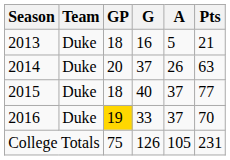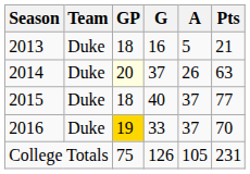 <table class="wikitable">
 <tr>
 <th>Season</th>
 <th>Team</th>
 <th>GP</th>
 <th>G</th>
 <th>A</th>
 <th>Pts</th>
 </tr>
 <tr>
 <td>2013</td>
 <td>Duke</td>
 <td>18</td>
 <td>16</td>
 <td>5</td>
 <td>21</td>
 </tr>
 <tr>
 <td>2014</td>
 <td>Duke</td>
-<td>20</td>
+<td style="background: lightyellow;">20</td>
 <td>37</td>
 <td>26</td>
 <td>63</td>
 </tr>
 <tr>
 <td>2015</td>
 <td>Duke</td>
 <td>18</td>
 <td>40</td>
 <td>37</td>
 <td>77</td>
 </tr>
 <tr>
 <td>2016</td>
 <td>Duke</td>
 <td style="background: gold;">19</td>
 <td>33</td>
 <td>37</td>
 <td>70</td>
 </tr>
 <tr>
 <td colspan="2">College Totals</td>
 <td>75</td>
 <td>126</td>
 <td>105</td>
 <td>231</td>
 </tr>
 </table>
